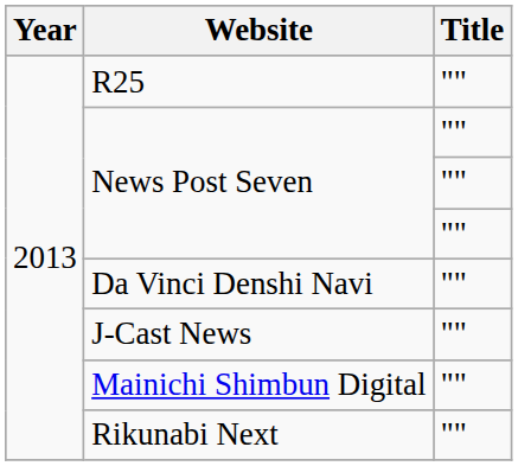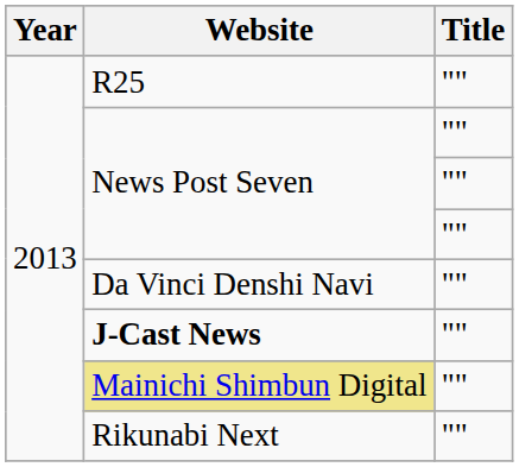 <table class="wikitable">
 <tr>
 <th>Year</th>
 <th>Website</th>
 <th>Title</th>
 </tr>
 <tr>
 <td rowspan="8">2013</td>
 <td>R25</td>
 <td>""</td>
 </tr>
 <tr>
 <td rowspan="3">News Post Seven</td>
 <td>""</td>
 </tr>
 <tr>
 <td>""</td>
 </tr>
 <tr>
 <td>""</td>
 </tr>
 <tr>
 <td>Da Vinci Denshi Navi</td>
 <td>""</td>
 </tr>
 <tr>
-<td>J-Cast News</td>
+<td><strong>J-Cast News</strong></td>
 <td>""</td>
 </tr>
 <tr>
-<td><a href='#'>Mainichi Shimbun</a> Digital</td>
+<td style="background: khaki;"><a href='#'>Mainichi Shimbun</a> Digital</td>
 <td>""</td>
 </tr>
 <tr>
 <td>Rikunabi Next</td>
 <td>""</td>
 </tr>
 </table>
